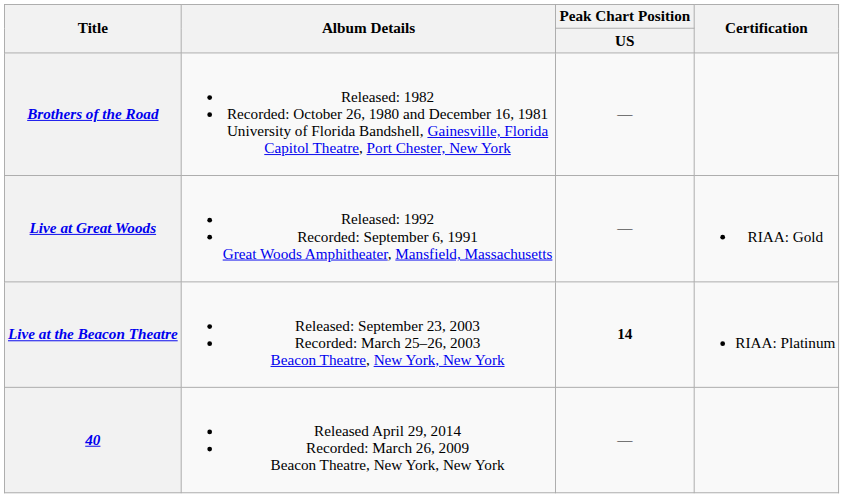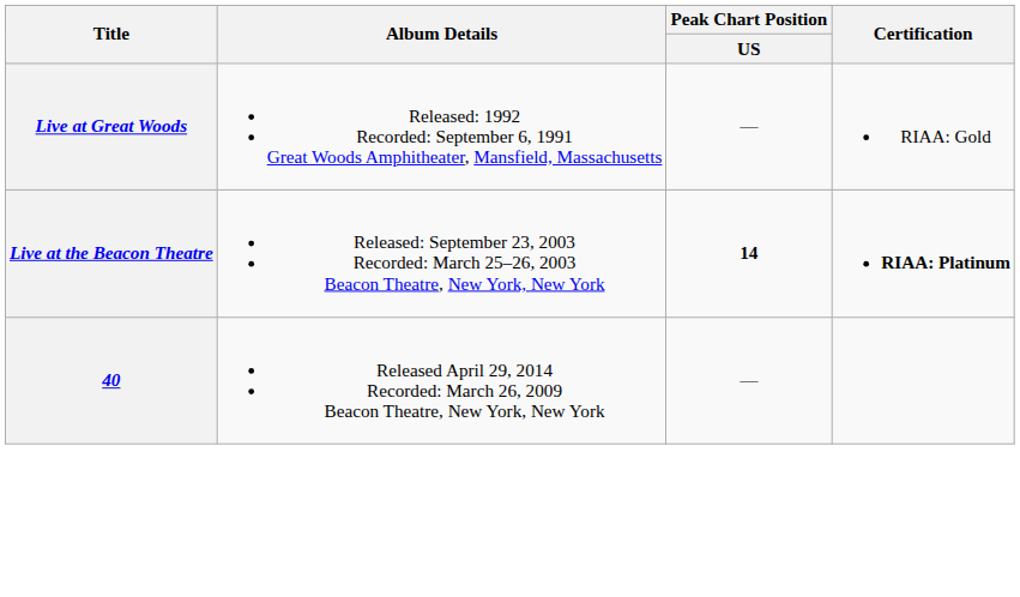 <table class="wikitable plainrowheaders" style="text-align:center;">
 <tr>
 <th rowspan="2">Title</th>
 <th rowspan="2">Album Details</th>
 <th>Peak Chart Position</th>
 <th rowspan="2">Certification</th>
 </tr>
 <tr>
 <th>US</th>
 </tr>
 <tr>
-<th scope="row"><em><a href='#'>Brothers of the Road</a></em></th>
-<td><br><ul><li>Released: 1982</li><li>Recorded: October 26, 1980 and December 16, 1981<br>University of Florida Bandshell, <a href='#'>Gainesville, Florida</a><br><a href='#'>Capitol Theatre</a>, <a href='#'>Port Chester, New York</a></li></ul></td>
-<td>—</td>
-<td></td>
-</tr>
-<tr>
 <th scope="row"><em><a href='#'>Live at Great Woods</a></em></th>
 <td><br><ul><li>Released: 1992</li><li>Recorded: September 6, 1991<br><a href='#'>Great Woods Amphitheater</a>, <a href='#'>Mansfield, Massachusetts</a></li></ul></td>
 <td>—</td>
 <td><br><ul><li>RIAA: Gold</li></ul></td>
 </tr>
 <tr>
 <th scope="row"><em><a href='#'>Live at the Beacon Theatre</a></em></th>
 <td><br><ul><li>Released: September 23, 2003</li><li>Recorded: March 25–26, 2003<br><a href='#'>Beacon Theatre</a>, <a href='#'>New York, New York</a></li></ul></td>
 <td><strong>14</strong></td>
-<td><br><ul><li>RIAA: Platinum</li></ul></td>
+<td><strong><br><ul><li>RIAA: Platinum</li></ul></strong></td>
 </tr>
 <tr>
 <th scope="row"><em><a href='#'>40</a></em></th>
 <td><br><ul><li>Released April 29, 2014</li><li>Recorded: March 26, 2009<br>Beacon Theatre, New York, New York</li></ul></td>
 <td>—</td>
 <td></td>
 </tr>
 </table>
